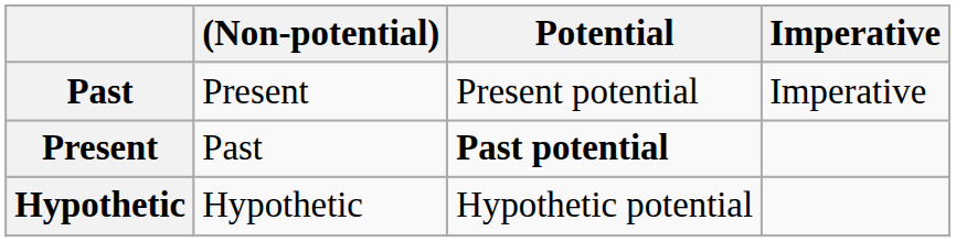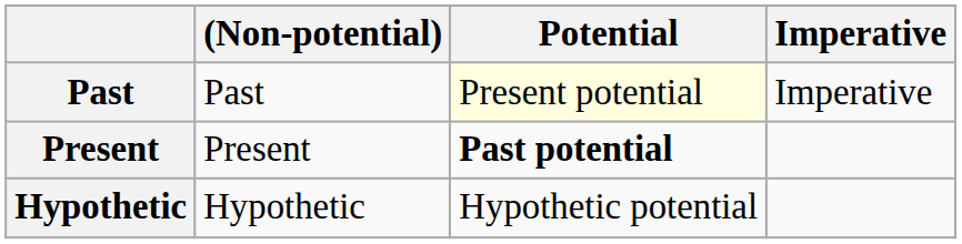 <table class="wikitable" style="margin: 1em auto 1em auto">
 <tr>
 <th align="center"></th>
 <th align="center">(Non-potential)</th>
 <th align="center">Potential</th>
 <th align="center">Imperative</th>
 </tr>
 <tr>
 <th>Past</th>
-<td>Present</td>
-<td>Present potential</td>
+<td>Past</td>
+<td style="background: lightyellow;">Present potential</td>
 <td>Imperative</td>
 </tr>
 <tr>
 <th>Present</th>
-<td>Past</td>
+<td>Present</td>
 <td><strong>Past potential</strong></td>
 <td></td>
 </tr>
 <tr>
 <th>Hypothetic</th>
 <td>Hypothetic</td>
 <td>Hypothetic potential</td>
 <td></td>
 </tr>
 </table>
